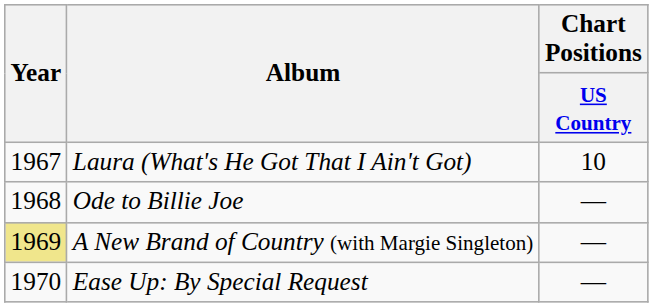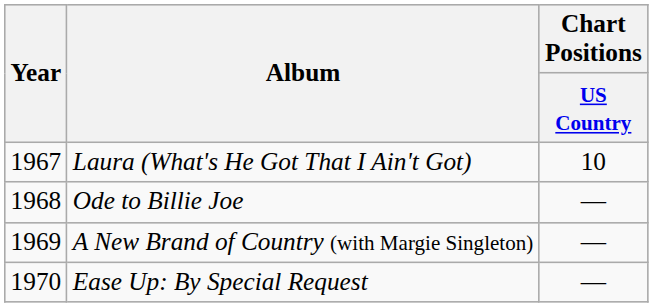 <table class="wikitable">
 <tr>
 <th rowspan="2">Year</th>
 <th rowspan="2">Album</th>
 <th colspan="1">Chart Positions</th>
 </tr>
 <tr>
 <th width="60"><small><a href='#'>US Country</a></small></th>
 </tr>
 <tr>
 <td>1967</td>
 <td><em>Laura (What's He Got That I Ain't Got)</em></td>
 <td align="center">10</td>
 </tr>
 <tr>
 <td>1968</td>
 <td><em>Ode to Billie Joe</em></td>
 <td align="center">—</td>
 </tr>
 <tr>
-<td style="background: khaki;">1969</td>
+<td>1969</td>
 <td><em>A New Brand of Country</em> <small> (with Margie Singleton)</small></td>
 <td align="center">—</td>
 </tr>
 <tr>
 <td>1970</td>
 <td><em>Ease Up: By Special Request</em></td>
 <td align="center">—</td>
 </tr>
 </table>
